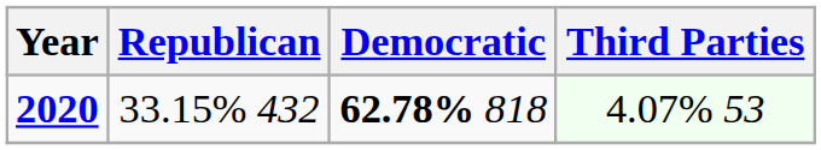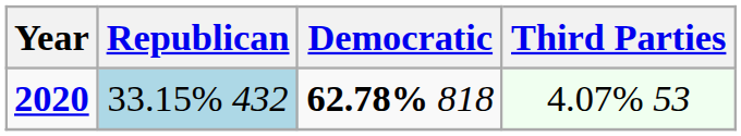 <table class="wikitable" style="float:right; font-size:95%;">
 <tr bgcolor=lightgrey>
 <th>Year</th>
 <th><a href='#'>Republican</a></th>
 <th><a href='#'>Democratic</a></th>
 <th><a href='#'>Third Parties</a></th>
 </tr>
 <tr>
 <td style="text-align:center; "><strong><a href='#'>2020</a></strong></td>
-<td style="text-align:center; ">33.15% <em>432</em></td>
+<td style="background: lightblue; text-align:center; ">33.15% <em>432</em></td>
 <td style="text-align:center; "><strong>62.78%</strong> <em>818</em></td>
 <td style="text-align:center; background:honeyDew;">4.07% <em>53</em></td>
 </tr>
 <tr>
 </tr>
 </table>
